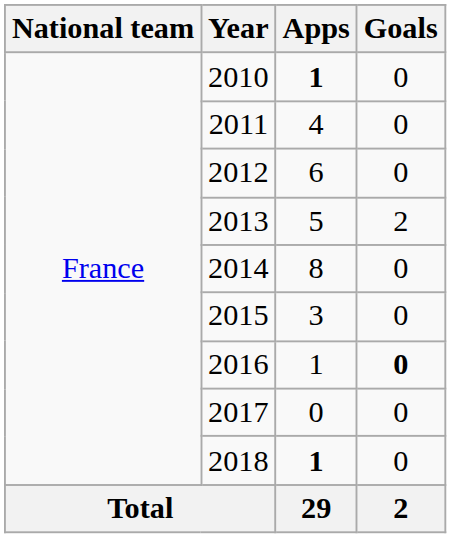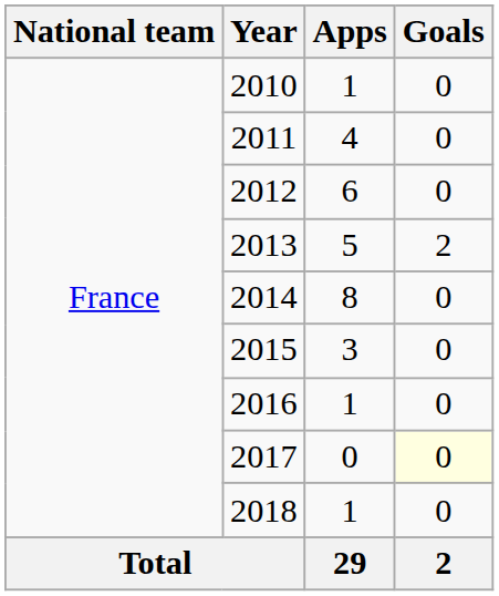 <table class="wikitable" style="text-align:center">
 <tr>
 <th>National team</th>
 <th>Year</th>
 <th>Apps</th>
 <th>Goals</th>
 </tr>
 <tr>
 <td rowspan="9"><a href='#'>France</a></td>
 <td>2010</td>
-<td><strong>1</strong></td>
+<td>1</td>
 <td>0</td>
 </tr>
 <tr>
 <td>2011</td>
 <td>4</td>
 <td>0</td>
 </tr>
 <tr>
 <td>2012</td>
 <td>6</td>
 <td>0</td>
 </tr>
 <tr>
 <td>2013</td>
 <td>5</td>
 <td>2</td>
 </tr>
 <tr>
 <td>2014</td>
 <td>8</td>
 <td>0</td>
 </tr>
 <tr>
 <td>2015</td>
 <td>3</td>
 <td>0</td>
 </tr>
 <tr>
 <td>2016</td>
 <td>1</td>
-<td><strong>0</strong></td>
+<td>0</td>
 </tr>
 <tr>
 <td>2017</td>
 <td>0</td>
-<td>0</td>
+<td style="background: lightyellow;">0</td>
 </tr>
 <tr>
 <td>2018</td>
-<td><strong>1</strong></td>
+<td>1</td>
 <td>0</td>
 </tr>
 <tr>
 <th colspan="2">Total</th>
 <th>29</th>
 <th>2</th>
 </tr>
 </table>
